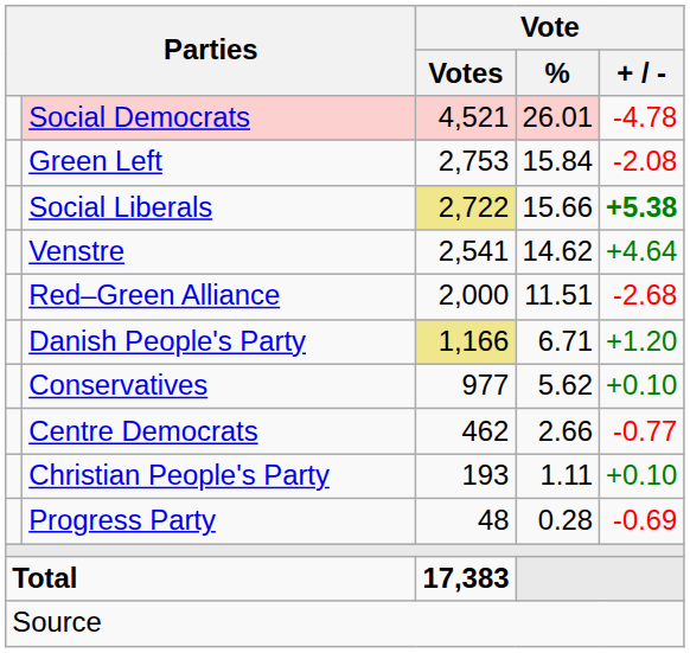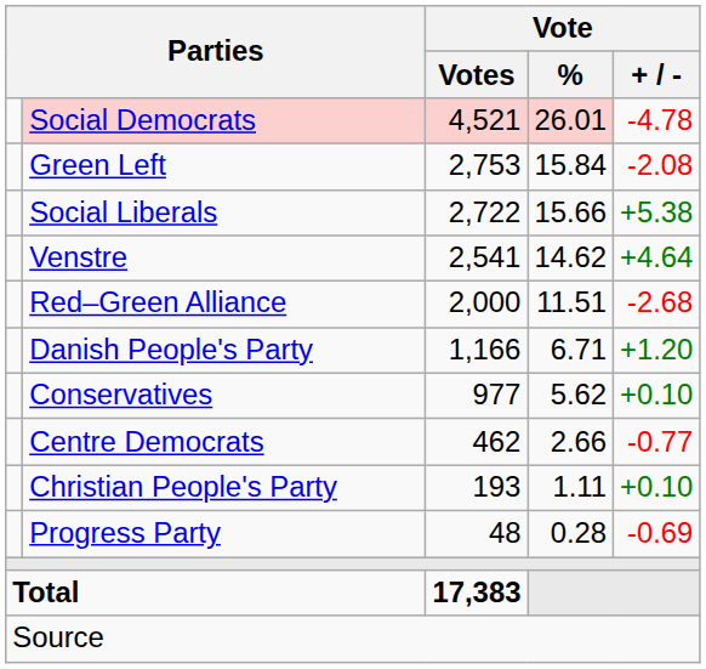 <table class="wikitable" style="text-align:right;">
 <tr>
 <th style="text-align:centre;" rowspan="2" colspan="2" width="225">Parties</th>
 <th colspan="3">Vote</th>
 </tr>
 <tr>
 <th width="15">Votes</th>
 <th width="15">%</th>
 <th width="15">+ / -</th>
 </tr>
 <tr>
 <td width="2" style="color:inherit;background:"></td>
 <td bgcolor=#fbd0ce  align="left"><a href='#'>Social Democrats</a></td>
 <td bgcolor=#fbd0ce>4,521</td>
 <td bgcolor=#fbd0ce>26.01</td>
 <td style=color:red;>-4.78</td>
 </tr>
 <tr>
 <td width="2" style="color:inherit;background:"></td>
 <td align="left"><a href='#'>Green Left</a></td>
 <td>2,753</td>
 <td>15.84</td>
 <td style=color:red;>-2.08</td>
 </tr>
 <tr>
 <td width="2" style="color:inherit;background:"></td>
 <td align="left"><a href='#'>Social Liberals</a></td>
-<td style="background: khaki;">2,722</td>
+<td>2,722</td>
 <td>15.66</td>
-<td style=color:green;><strong>+5.38</strong></td>
+<td style=color:green;>+5.38</td>
 </tr>
 <tr>
 <td width="2" style="color:inherit;background:"></td>
 <td align="left"><a href='#'>Venstre</a></td>
 <td>2,541</td>
 <td>14.62</td>
 <td style=color:green;>+4.64</td>
 </tr>
 <tr>
 <td width="2" style="color:inherit;background:"></td>
 <td align="left"><a href='#'>Red–Green Alliance</a></td>
 <td>2,000</td>
 <td>11.51</td>
 <td style=color:red;>-2.68</td>
 </tr>
 <tr>
 <td width="2" style="color:inherit;background:"></td>
 <td align="left"><a href='#'>Danish People's Party</a></td>
-<td style="background: khaki;">1,166</td>
+<td>1,166</td>
 <td>6.71</td>
 <td style=color:green;>+1.20</td>
 </tr>
 <tr>
 <td width="2" style="color:inherit;background:"></td>
 <td align="left"><a href='#'>Conservatives</a></td>
 <td>977</td>
 <td>5.62</td>
 <td style=color:green;>+0.10</td>
 </tr>
 <tr>
 <td width="2" style="color:inherit;background:"></td>
 <td align="left"><a href='#'>Centre Democrats</a></td>
 <td>462</td>
 <td>2.66</td>
 <td style=color:red;>-0.77</td>
 </tr>
 <tr>
 <td width="2" style="color:inherit;background:"></td>
 <td align="left"><a href='#'>Christian People's Party</a></td>
 <td>193</td>
 <td>1.11</td>
 <td style=color:green;>+0.10</td>
 </tr>
 <tr>
 <td width="2" style="color:inherit;background:"></td>
 <td align="left"><a href='#'>Progress Party</a></td>
 <td>48</td>
 <td>0.28</td>
 <td style=color:red;>-0.69</td>
 </tr>
 <tr>
 <td colspan="7" bgcolor="#E9E9E9"></td>
 </tr>
 <tr>
 <td align="left" colspan="2"><strong>Total</strong></td>
 <td><strong>17,383</strong></td>
 <td bgcolor="#E9E9E9" colspan="2"></td>
 </tr>
 <tr>
 <td align="left" colspan="6">Source</td>
 </tr>
 </table>
